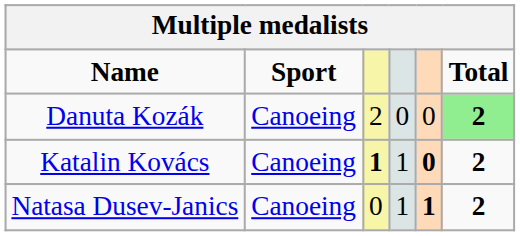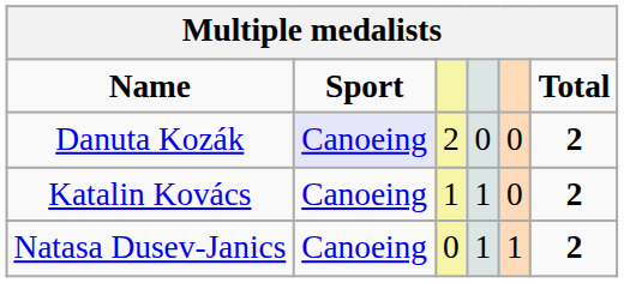 <table class="wikitable" style="font-size:85%; float:right; text-align:center; white-space:nowrap">
 <tr style="background:#efefef;">
 <th colspan=7>Multiple medalists</th>
 </tr>
 <tr align=center>
 <td><strong>Name</strong></td>
 <td><strong>Sport</strong></td>
 <td bgcolor=f7f6a8></td>
 <td bgcolor=dce5e5></td>
 <td bgcolor=ffdab9></td>
 <td><strong>Total</strong></td>
 </tr>
 <tr>
 <td><a href='#'>Danuta Kozák</a></td>
-<td><a href='#'>Canoeing</a></td>
+<td style="background: lavender;"><a href='#'>Canoeing</a></td>
 <td bgcolor=f7f6a8>2</td>
 <td bgcolor=dce5e5>0</td>
 <td bgcolor=ffdab9>0</td>
-<td style="background: lightgreen;"><strong>2</strong></td>
+<td><strong>2</strong></td>
 </tr>
 <tr>
 <td><a href='#'>Katalin Kovács</a></td>
 <td><a href='#'>Canoeing</a></td>
-<td bgcolor=f7f6a8><strong>1</strong></td>
+<td bgcolor=f7f6a8>1</td>
 <td bgcolor=dce5e5>1</td>
-<td bgcolor=ffdab9><strong>0</strong></td>
+<td bgcolor=ffdab9>0</td>
 <td><strong>2</strong></td>
 </tr>
 <tr>
 <td><a href='#'>Natasa Dusev-Janics</a></td>
 <td><a href='#'>Canoeing</a></td>
 <td bgcolor=f7f6a8>0</td>
 <td bgcolor=dce5e5>1</td>
-<td bgcolor=ffdab9><strong>1</strong></td>
+<td bgcolor=ffdab9>1</td>
 <td><strong>2</strong></td>
 </tr>
 </table>
